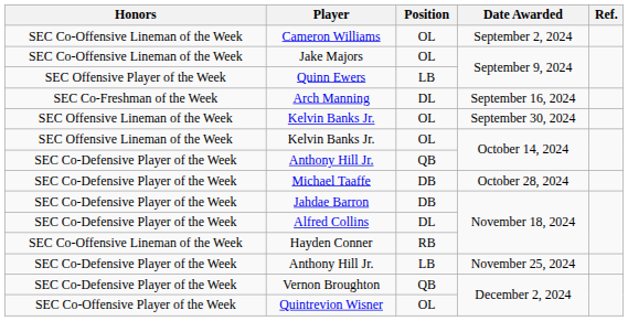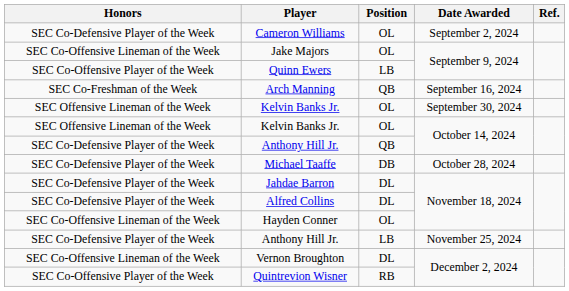 <table class="wikitable" style="width: 60%;text-align: center;">
 <tr>
 <th>Honors</th>
 <th>Player</th>
 <th>Position</th>
 <th>Date Awarded</th>
 <th>Ref.</th>
 </tr>
 <tr align="center">
-<td rowspan="1">SEC Co-Offensive Lineman of the Week</td>
+<td rowspan="1">SEC Co-Defensive Player of the Week</td>
 <td><a href='#'>Cameron Williams</a></td>
 <td>OL</td>
 <td rowspan="1">September 2, 2024</td>
 <td rowspan="1"></td>
 </tr>
 <tr align="center">
 <td rowspan="1">SEC Co-Offensive Lineman of the Week</td>
 <td>Jake Majors</td>
 <td>OL</td>
 <td rowspan="2">September 9, 2024</td>
 <td rowspan="2"></td>
 </tr>
 <tr align="center">
-<td rowspan="1">SEC Offensive Player of the Week</td>
+<td rowspan="1">SEC Co-Offensive Player of the Week</td>
 <td><a href='#'>Quinn Ewers</a></td>
 <td>LB</td>
 </tr>
 <tr align="center">
 <td rowspan="1">SEC Co-Freshman of the Week</td>
 <td><a href='#'>Arch Manning</a></td>
-<td>DL</td>
+<td>QB</td>
 <td rowspan="1">September 16, 2024</td>
 <td rowspan="1"></td>
 </tr>
 <tr align="center">
 <td rowspan="1">SEC Offensive Lineman of the Week</td>
 <td><a href='#'>Kelvin Banks Jr.</a></td>
 <td>OL</td>
 <td rowspan="1">September 30, 2024</td>
 <td rowspan="1"></td>
 </tr>
 <tr align="center">
 <td rowspan="1">SEC Offensive Lineman of the Week</td>
 <td>Kelvin Banks Jr.</td>
 <td>OL</td>
 <td rowspan="2">October 14, 2024</td>
 <td rowspan="2"></td>
 </tr>
 <tr align="center">
 <td rowspan="1">SEC Co-Defensive Player of the Week</td>
 <td><a href='#'>Anthony Hill Jr.</a></td>
 <td>QB</td>
 </tr>
 <tr align="center">
 <td rowspan="1">SEC Co-Defensive Player of the Week</td>
 <td><a href='#'>Michael Taaffe</a></td>
 <td>DB</td>
 <td rowspan="1">October 28, 2024</td>
 <td rowspan="1"></td>
 </tr>
 <tr align="center">
 <td rowspan="1">SEC Co-Defensive Player of the Week</td>
 <td><a href='#'>Jahdae Barron</a></td>
-<td>DB</td>
+<td>DL</td>
 <td rowspan="3">November 18, 2024</td>
 <td rowspan="3"></td>
 </tr>
 <tr align="center">
 <td rowspan="1">SEC Co-Defensive Player of the Week</td>
 <td><a href='#'>Alfred Collins</a></td>
 <td>DL</td>
 </tr>
 <tr align="center">
 <td rowspan="1">SEC Co-Offensive Lineman of the Week</td>
 <td>Hayden Conner</td>
-<td>RB</td>
+<td>OL</td>
 </tr>
 <tr align="center">
 <td rowspan="1">SEC Co-Defensive Player of the Week</td>
 <td>Anthony Hill Jr.</td>
 <td>LB</td>
 <td rowspan="1">November 25, 2024</td>
 <td rowspan="1"></td>
 </tr>
 <tr align="center">
-<td rowspan="1">SEC Co-Defensive Player of the Week</td>
+<td rowspan="1">SEC Co-Offensive Lineman of the Week</td>
 <td>Vernon Broughton</td>
-<td>QB</td>
+<td>DL</td>
 <td rowspan="2">December 2, 2024</td>
 <td rowspan="2"></td>
 </tr>
 <tr align="center">
 <td rowspan="1">SEC Co-Offensive Player of the Week</td>
 <td><a href='#'>Quintrevion Wisner</a></td>
-<td>OL</td>
+<td>RB</td>
 </tr>
 </table>
